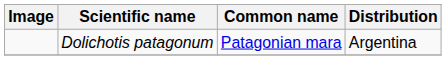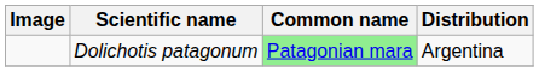 <table class="wikitable">
 <tr>
 <th>Image</th>
 <th>Scientific name</th>
 <th>Common name</th>
 <th>Distribution</th>
 </tr>
 <tr>
 <td></td>
 <td><em>Dolichotis patagonum</em></td>
-<td><a href='#'>Patagonian mara</a></td>
+<td style="background: lightgreen;"><a href='#'>Patagonian mara</a></td>
 <td>Argentina</td>
 </tr>
 <tr>
 </tr>
 </table>
